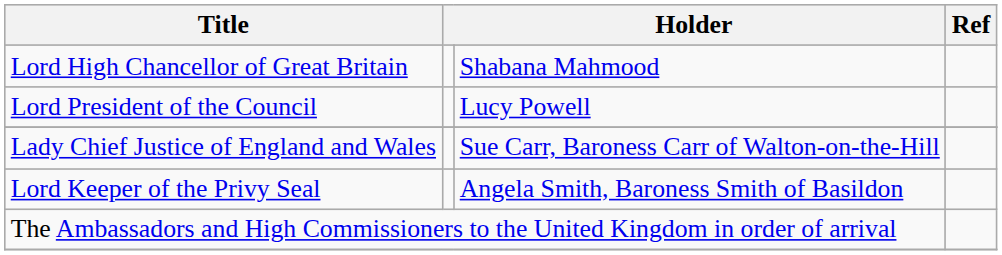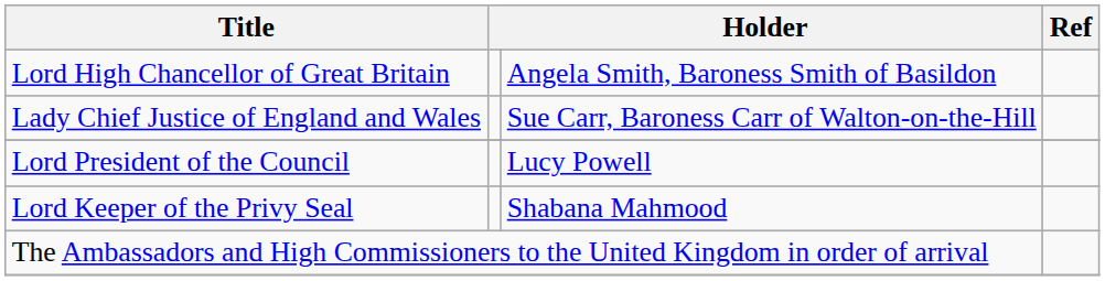 <table class="wikitable">
 <tr>
 <th>Title</th>
 <th colspan=2>Holder</th>
 <th>Ref</th>
 </tr>
 <tr>
 <td><a href='#'>Lord High Chancellor of Great Britain</a></td>
 <td style="background: "></td>
-<td><a href='#'>Shabana Mahmood</a></td>
+<td><a href='#'>Angela Smith, Baroness Smith of Basildon</a></td>
+</tr>
+<tr>
+<td><a href='#'>Lady Chief Justice of England and Wales</a></td>
+<td style="background: "></td>
+<td><a href='#'>Sue Carr, Baroness Carr of Walton-on-the-Hill</a></td>
+<td></td>
+</tr>
+<tr>
 </tr>
 <tr>
 <td><a href='#'>Lord President of the Council</a></td>
 <td style="background: "></td>
 <td><a href='#'>Lucy Powell</a></td>
 <td></td>
 </tr>
 <tr>
-</tr>
-<tr>
-<td><a href='#'>Lady Chief Justice of England and Wales</a></td>
-<td style="background: "></td>
-<td><a href='#'>Sue Carr, Baroness Carr of Walton-on-the-Hill</a></td>
-<td></td>
-</tr>
-<tr>
 <td><a href='#'>Lord Keeper of the Privy Seal</a></td>
 <td style="background: "></td>
-<td><a href='#'>Angela Smith, Baroness Smith of Basildon</a></td>
+<td><a href='#'>Shabana Mahmood</a></td>
 <td></td>
 </tr>
 <tr>
 <td colspan=3>The <a href='#'>Ambassadors and High Commissioners to the United Kingdom in order of arrival</a></td>
 <td></td>
 </tr>
 <tr>
 </tr>
 </table>
